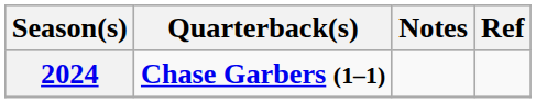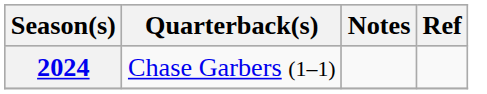 <table class="wikitable plainrowheaders">
 <tr>
 <th>Season(s)</th>
 <th>Quarterback(s)</th>
 <th>Notes</th>
 <th>Ref</th>
 </tr>
 <tr>
 <th scope="row"><a href='#'>2024</a></th>
-<td><strong><a href='#'>Chase Garbers</a> <small>(1–1)</small></strong></td>
+<td><a href='#'>Chase Garbers</a> <small>(1–1)</small></td>
 <td></td>
 <td></td>
 </tr>
 <tr>
 </tr>
 </table>
